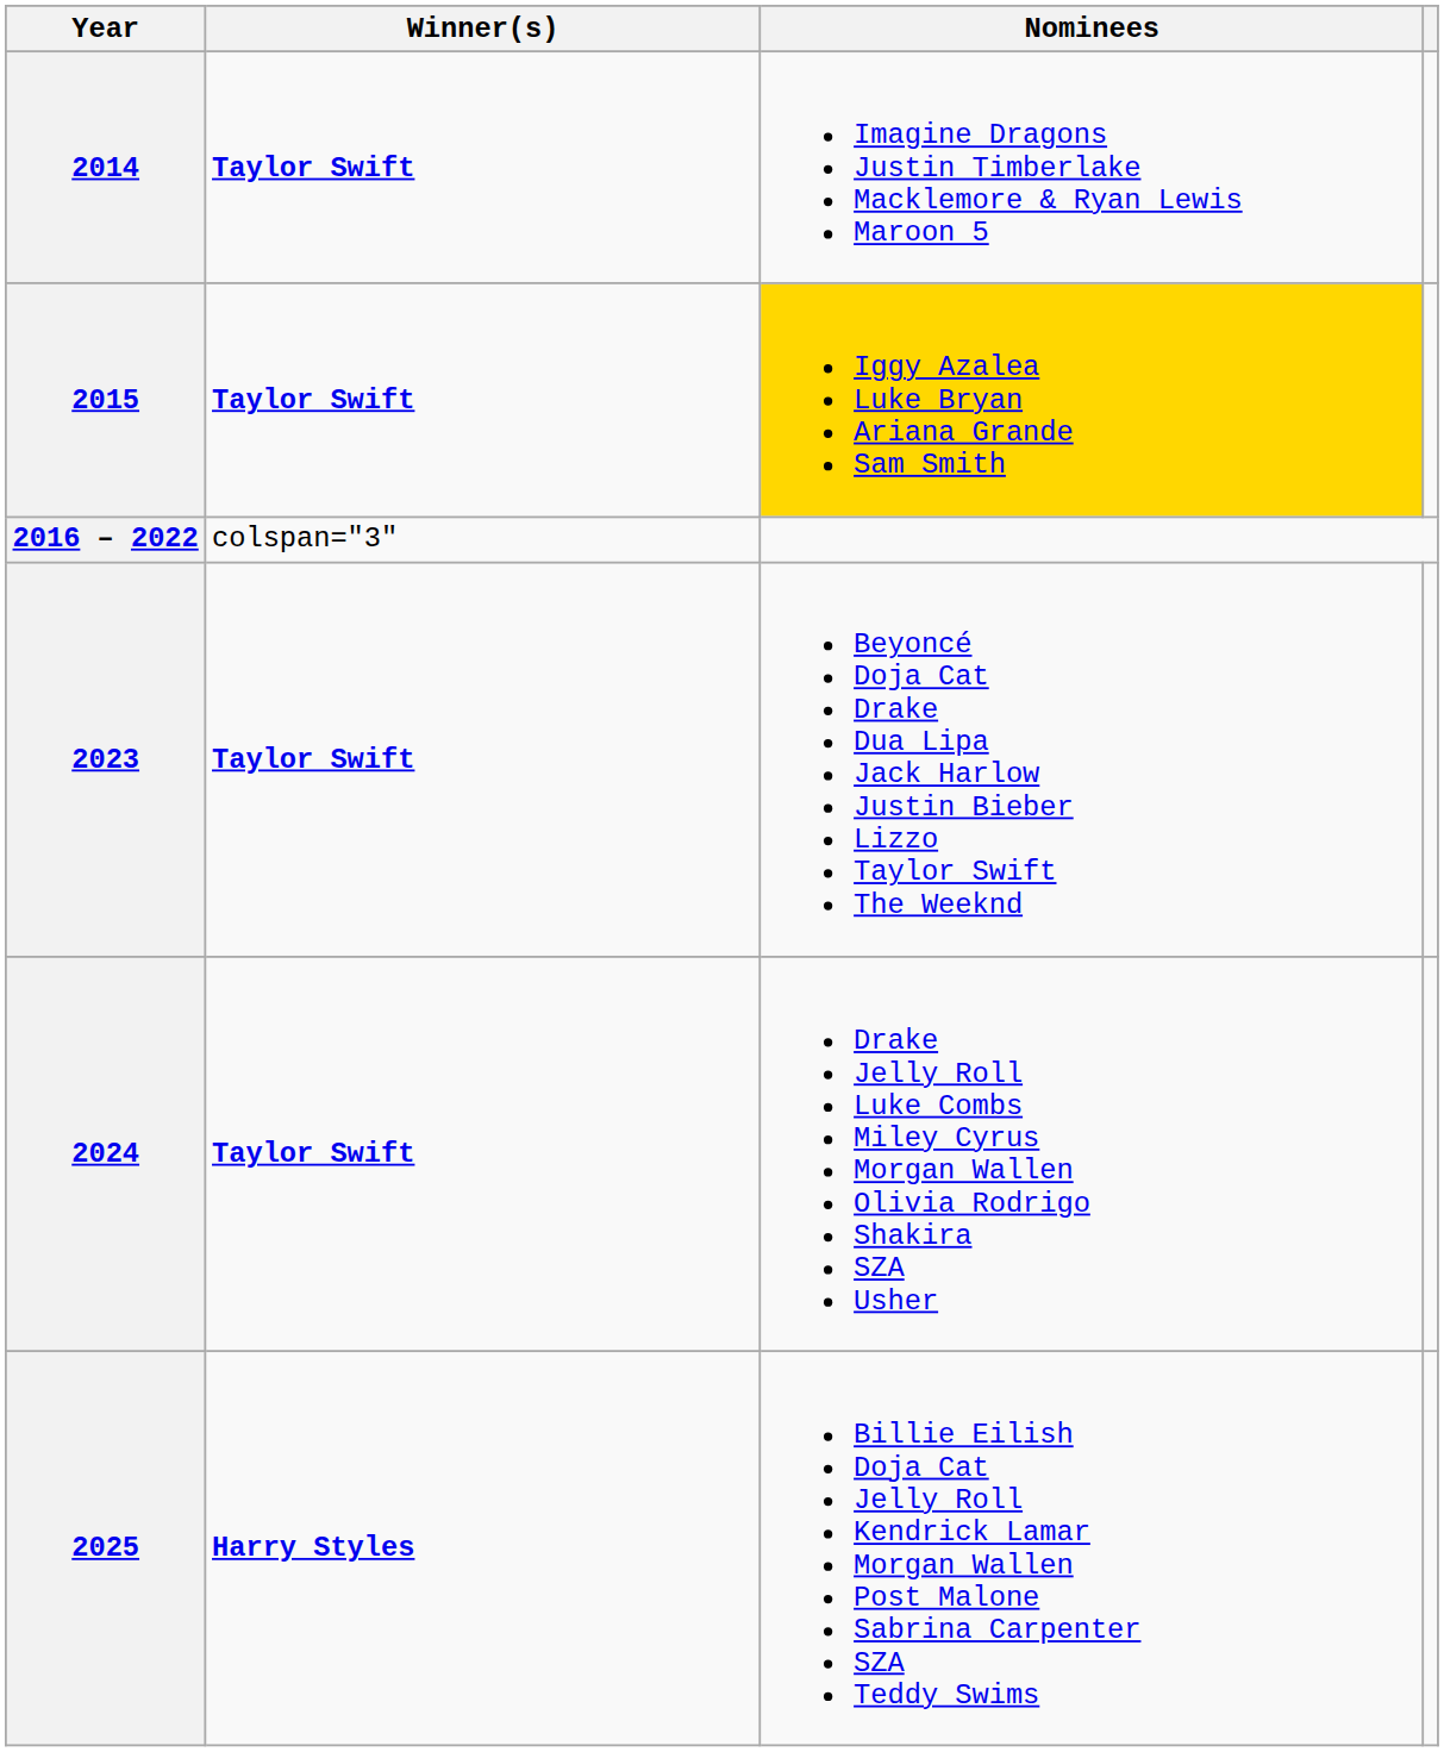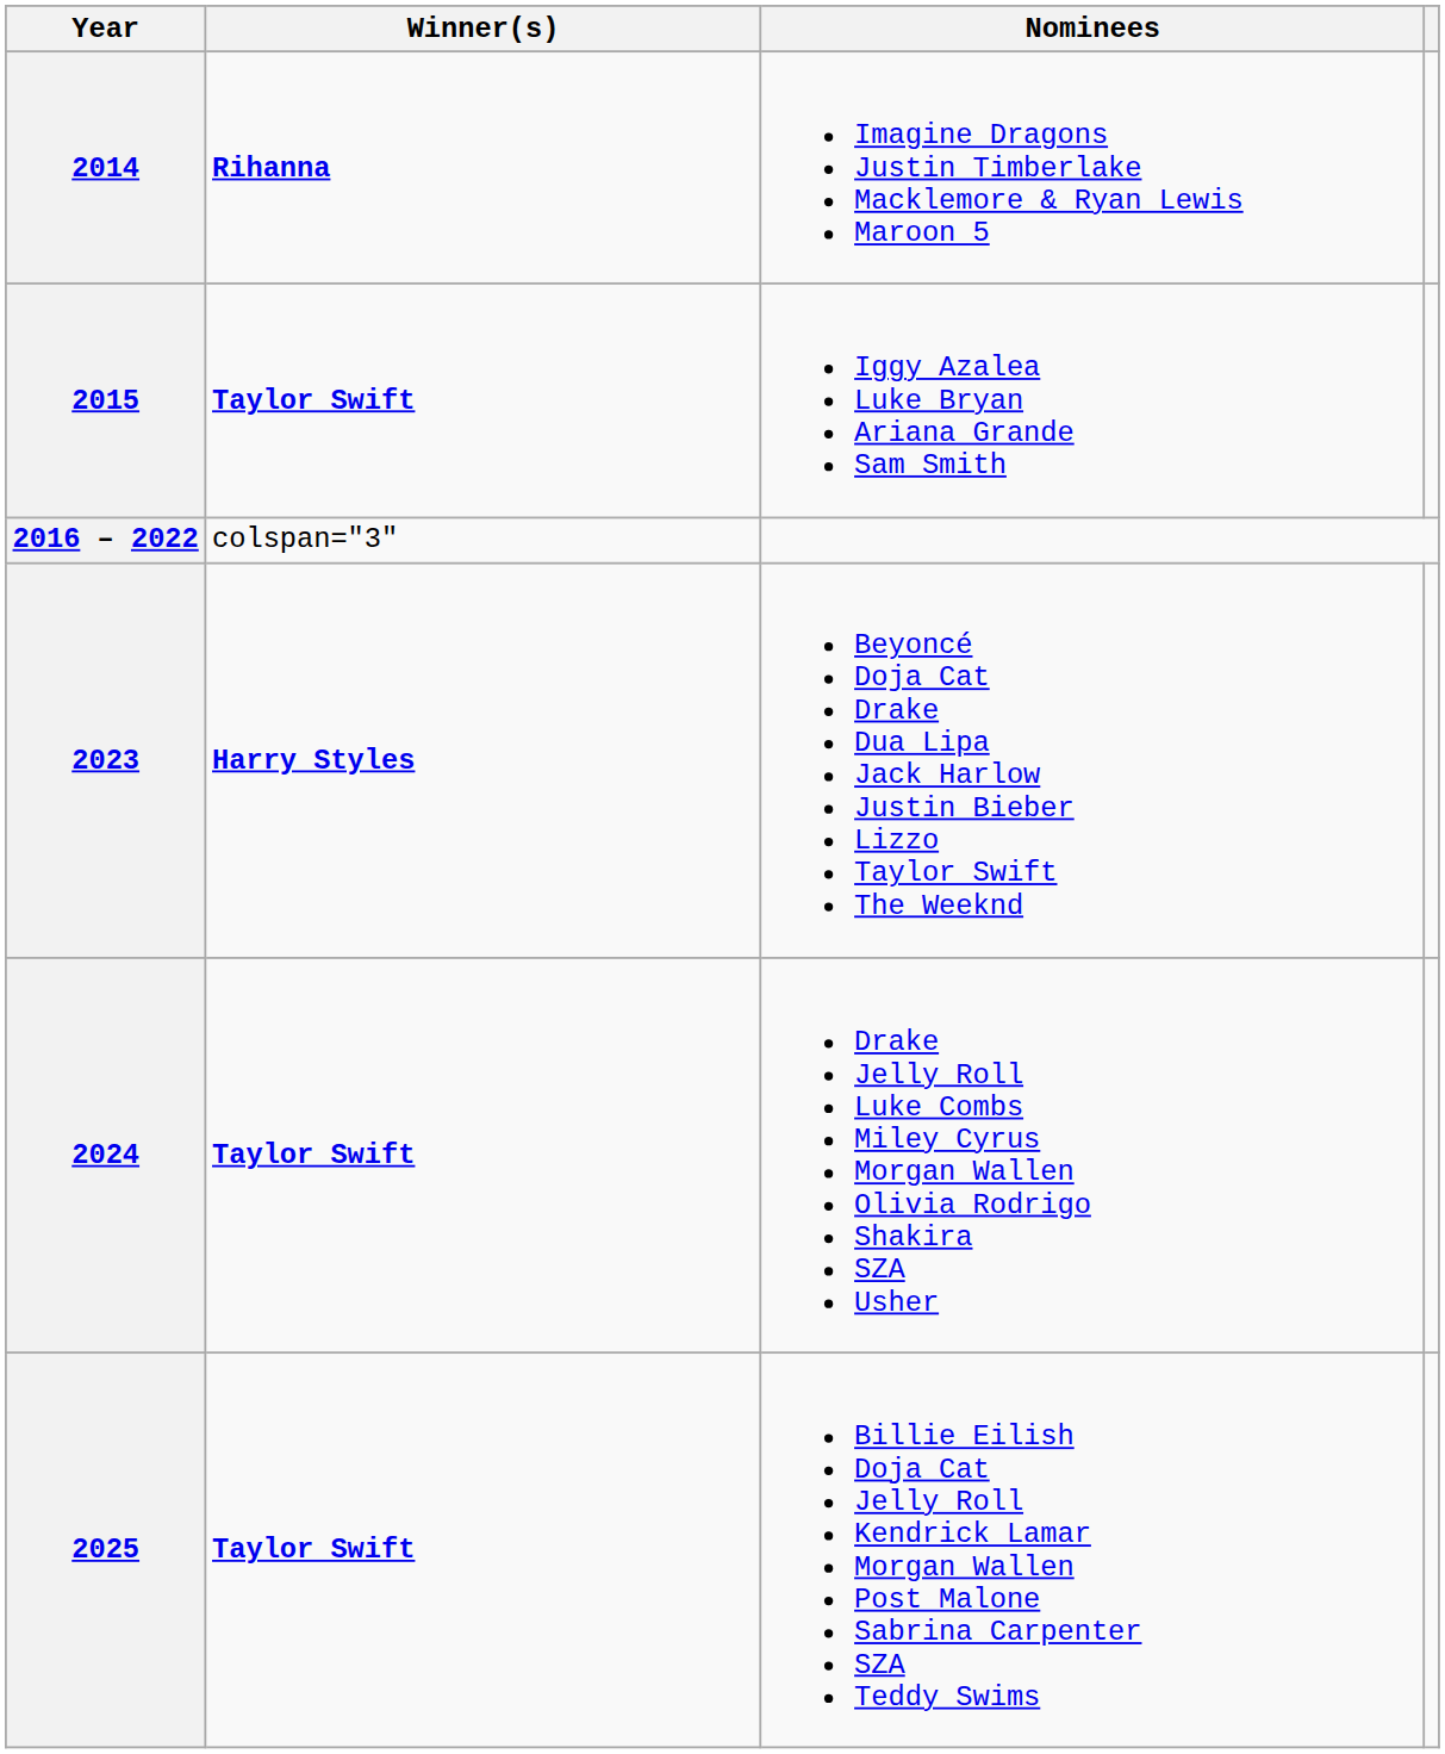 <table class="wikitable sortable">
 <tr>
 <th scope="col">Year</th>
 <th scope="col" style="width:250px;">Winner(s)</th>
 <th scope="col" style="width:300px;">Nominees</th>
 <th scope="col" class="unsortable"></th>
 </tr>
 <tr>
 <th scope="row"><a href='#'>2014</a></th>
-<td>  <strong><a href='#'>Taylor Swift</a></strong></td>
+<td>  <strong><a href='#'>Rihanna</a></strong></td>
 <td><br><ul><li> <a href='#'>Imagine Dragons</a></li><li> <a href='#'>Justin Timberlake</a></li><li> <a href='#'>Macklemore & Ryan Lewis</a></li><li> <a href='#'>Maroon 5</a></li></ul></td>
 <td style="text-align:center"></td>
 </tr>
 <tr>
 <th scope="row"><a href='#'>2015</a></th>
 <td>  <strong><a href='#'>Taylor Swift</a></strong></td>
-<td style="background: gold;"><br><ul><li> <a href='#'>Iggy Azalea</a></li><li> <a href='#'>Luke Bryan</a></li><li> <a href='#'>Ariana Grande</a></li><li> <a href='#'>Sam Smith</a></li></ul></td>
+<td><br><ul><li> <a href='#'>Iggy Azalea</a></li><li> <a href='#'>Luke Bryan</a></li><li> <a href='#'>Ariana Grande</a></li><li> <a href='#'>Sam Smith</a></li></ul></td>
 <td style="text-align:center"></td>
 </tr>
 <tr>
 <th scope="row"><a href='#'>2016</a> – <a href='#'>2022</a></th>
 <td>colspan="3" </td>
 </tr>
 <tr>
 <th scope="row"><a href='#'>2023</a></th>
-<td>  <strong><a href='#'>Taylor Swift</a></strong></td>
+<td>  <strong><a href='#'>Harry Styles</a></strong></td>
 <td><br><ul><li> <a href='#'>Beyoncé</a></li><li> <a href='#'>Doja Cat</a></li><li> <a href='#'>Drake</a></li><li> <a href='#'>Dua Lipa</a></li><li> <a href='#'>Jack Harlow</a></li><li> <a href='#'>Justin Bieber</a></li><li> <a href='#'>Lizzo</a></li><li> <a href='#'>Taylor Swift</a></li><li> <a href='#'>The Weeknd</a></li></ul></td>
 <td style="text-align:center"></td>
 </tr>
 <tr>
 <th scope="row"><a href='#'>2024</a></th>
 <td>  <strong><a href='#'>Taylor Swift</a></strong></td>
 <td><br><ul><li> <a href='#'>Drake</a></li><li> <a href='#'>Jelly Roll</a></li><li> <a href='#'>Luke Combs</a></li><li> <a href='#'>Miley Cyrus</a></li><li> <a href='#'>Morgan Wallen</a></li><li> <a href='#'>Olivia Rodrigo</a></li><li> <a href='#'>Shakira</a></li><li> <a href='#'>SZA</a></li><li> <a href='#'>Usher</a></li></ul></td>
 <td style="text-align:center"></td>
 </tr>
 <tr>
 <th scope="row"><a href='#'>2025</a></th>
-<td>  <strong><a href='#'>Harry Styles</a></strong></td>
+<td>  <strong><a href='#'>Taylor Swift</a></strong></td>
 <td><br><ul><li> <a href='#'>Billie Eilish</a></li><li> <a href='#'>Doja Cat</a></li><li> <a href='#'>Jelly Roll</a></li><li> <a href='#'>Kendrick Lamar</a></li><li> <a href='#'>Morgan Wallen</a></li><li> <a href='#'>Post Malone</a></li><li> <a href='#'>Sabrina Carpenter</a></li><li> <a href='#'>SZA</a></li><li> <a href='#'>Teddy Swims</a></li></ul></td>
 <td></td>
 </tr>
 </table>
